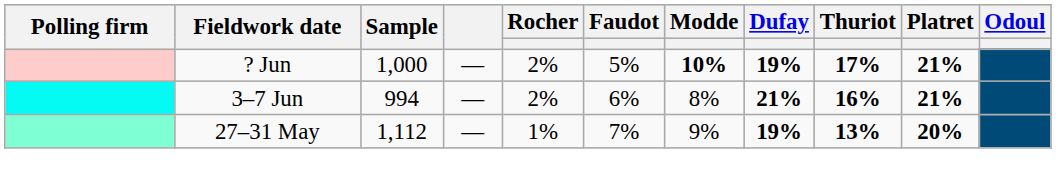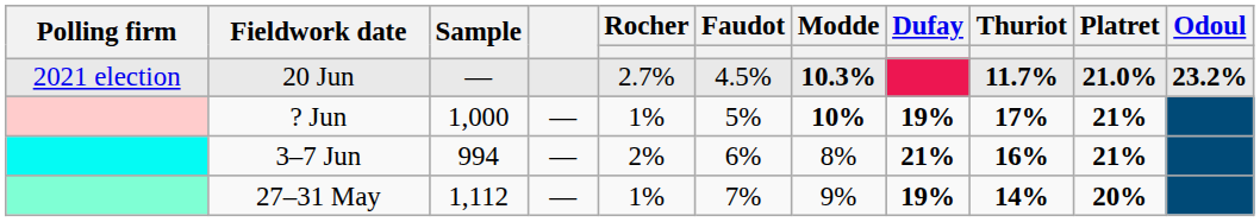 <table class="wikitable" style="text-align:center;font-size:90%;line-height:14px;">
 <tr>
 <th rowspan="2" style="width:100px;">Polling firm</th>
 <th rowspan="2" style="width:110px;">Fieldwork date</th>
 <th rowspan="2" style="width:35px;">Sample</th>
 <th rowspan="2" style="width:30px;"></th>
 <th>Rocher<br></th>
 <th>Faudot<br></th>
 <th>Modde<br></th>
 <th><a href='#'>Dufay</a><br></th>
 <th>Thuriot<br></th>
 <th>Platret<br></th>
 <th><a href='#'>Odoul</a><br></th>
 </tr>
 <tr>
 <th style="background:"></th>
 <th style="background:"></th>
 <th style="background:"></th>
 <th style="background:"></th>
 <th style="background:"></th>
 <th style="background:"></th>
 <th style="background:"></th>
 </tr>
+<tr style="background:#E9E9E9;">
+<td><a href='#'>2021 election</a></td>
+<td data-sort-value="2021-06-20">20 Jun</td>
+<td>—</td>
+<td></td>
+<td>2.7%</td>
+<td>4.5%</td>
+<td><strong>10.3%</strong></td>
+<td style="background:#ED1651;"></td>
+<td><strong>11.7%</strong></td>
+<td><strong>21.0%</strong></td>
+<td><strong>23.2%</strong></td>
+</tr>
 <tr>
 <td style="background:#FFCCCC;"></td>
 <td>? Jun</td>
 <td>1,000</td>
 <td>—</td>
-<td>2%</td>
+<td>1%</td>
 <td>5%</td>
 <td><strong>10%</strong></td>
 <td><strong>19%</strong></td>
 <td><strong>17%</strong></td>
 <td><strong>21%</strong></td>
 <td style="background:#004A77;"></td>
 </tr>
 <tr>
 <td style="background:#04FBF4;"></td>
 <td>3–7 Jun</td>
 <td>994</td>
 <td>—</td>
 <td>2%</td>
 <td>6%</td>
 <td>8%</td>
 <td><strong>21%</strong></td>
 <td><strong>16%</strong></td>
 <td><strong>21%</strong></td>
 <td style="background:#004A77;"></td>
 </tr>
 <tr>
 <td style="background:aquamarine;"></td>
 <td>27–31 May</td>
 <td>1,112</td>
 <td>—</td>
 <td>1%</td>
 <td>7%</td>
 <td>9%</td>
 <td><strong>19%</strong></td>
-<td><strong>13%</strong></td>
+<td><strong>14%</strong></td>
 <td><strong>20%</strong></td>
 <td style="background:#004A77;"></td>
 </tr>
 </table>
